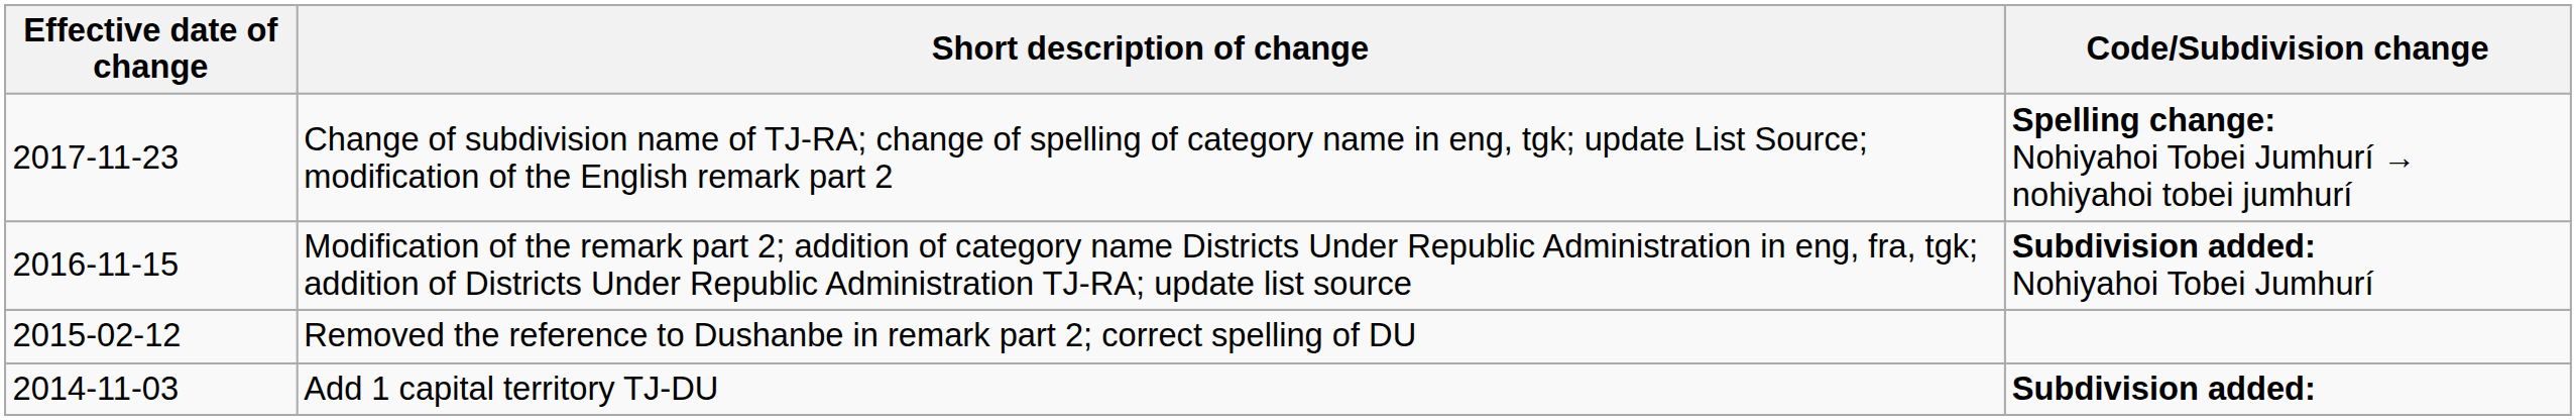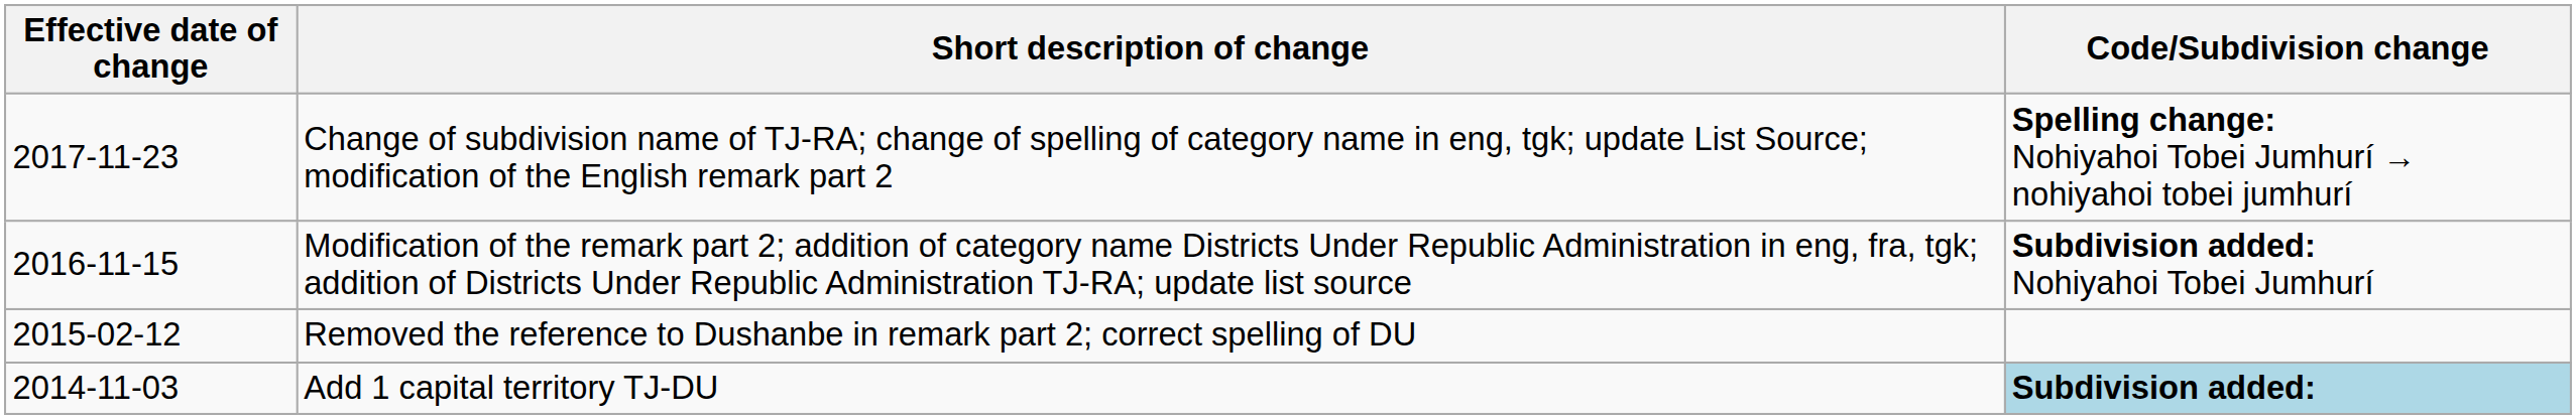 <table class="wikitable">
 <tr>
 <th>Effective date of change</th>
 <th>Short description of change</th>
 <th>Code/Subdivision change</th>
 </tr>
 <tr>
 <td>2017-11-23</td>
 <td>Change of subdivision name of TJ-RA; change of spelling of category name in eng, tgk; update List Source; modification of the English remark part 2</td>
 <td><strong>Spelling change:</strong><br> Nohiyahoi Tobei Jumhurí → nohiyahoi tobei jumhurí</td>
 </tr>
 <tr>
 <td>2016-11-15</td>
 <td>Modification of the remark part 2; addition of category name Districts Under Republic Administration in eng, fra, tgk; addition of Districts Under Republic Administration TJ-RA; update list source</td>
 <td><strong>Subdivision added:</strong><br> Nohiyahoi Tobei Jumhurí</td>
 </tr>
 <tr>
 <td>2015-02-12</td>
 <td>Removed the reference to Dushanbe in remark part 2; correct spelling of DU</td>
 </tr>
 <tr>
 <td>2014-11-03</td>
 <td>Add 1 capital territory TJ-DU</td>
-<td><strong>Subdivision added:</strong><br> </td>
+<td style="background: lightblue;"><strong>Subdivision added:</strong><br> </td>
 </tr>
 </table>
